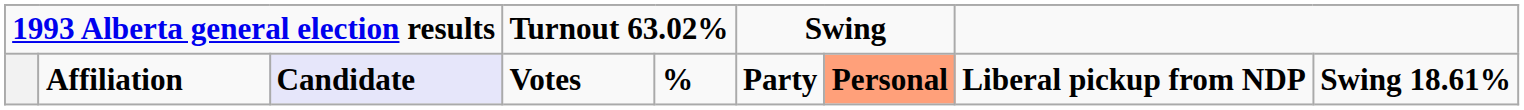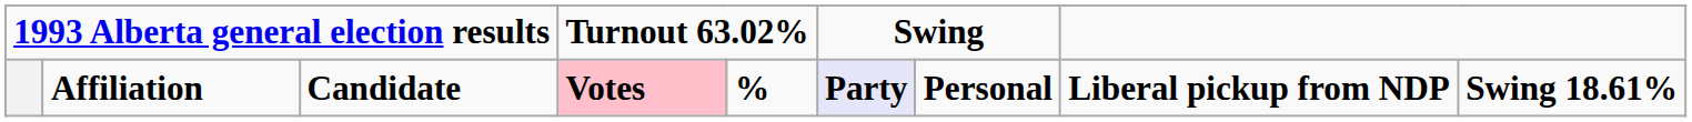 <table class="wikitable">
 <tr>
 <td colspan="3" align=center><strong><a href='#'>1993 Alberta general election</a> results</strong></td>
 <td colspan="2"><strong>Turnout 63.02%</strong></td>
 <td colspan="2" align=center><strong>Swing</strong></td>
 </tr>
 <tr>
 <th style="width: 10px;"></th>
 <td><strong>Affiliation</strong></td>
-<td style="background: lavender;"><strong>Candidate</strong></td>
-<td><strong>Votes</strong></td>
+<td><strong>Candidate</strong></td>
+<td style="background: pink;"><strong>Votes</strong></td>
 <td><strong>%</strong></td>
-<td><strong>Party</strong></td>
-<td style="background: lightsalmon;"><strong>Personal</strong><br>          </td>
+<td style="background: lavender;"><strong>Party</strong></td>
+<td><strong>Personal</strong><br>          </td>
 <td colspan=4><strong>Liberal pickup from NDP</strong></td>
 <td colspan=2><strong>Swing 18.61%</strong></td>
 </tr>
 </table>
